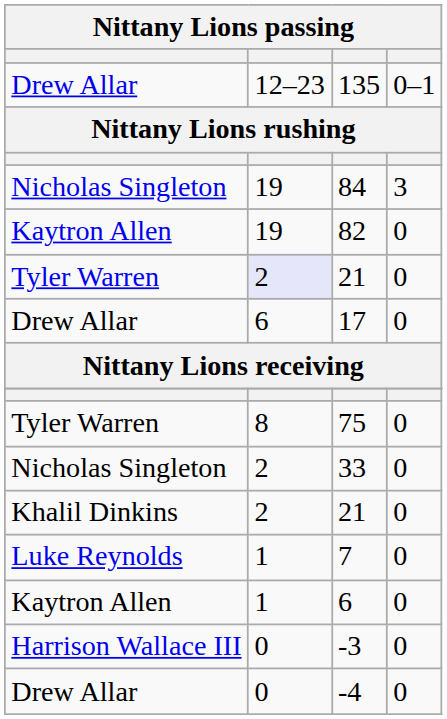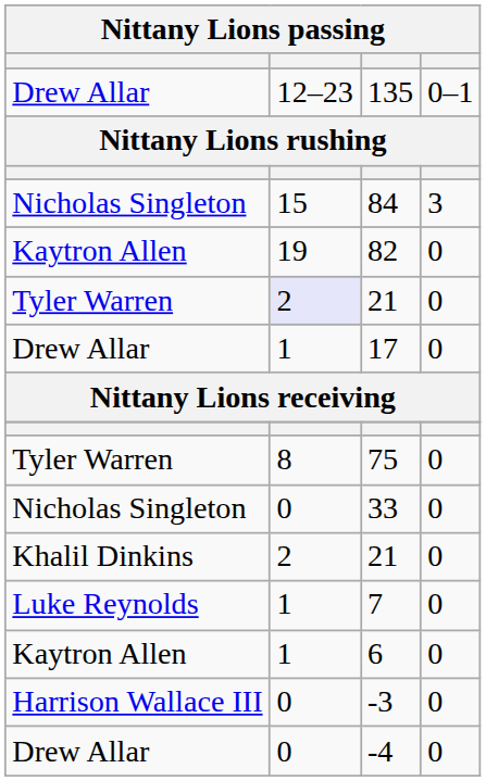 <table class="wikitable plainrowheaders">
 <tr>
 <th colspan="6">Nittany Lions passing</th>
 </tr>
 <tr>
 <th scope="col"></th>
 <th scope="col"></th>
 <th scope="col"></th>
 <th scope="col"></th>
 </tr>
 <tr>
 <td><a href='#'>Drew Allar</a></td>
 <td>12–23</td>
 <td>135</td>
 <td>0–1</td>
 </tr>
 <tr>
 <th colspan="6">Nittany Lions rushing</th>
 </tr>
 <tr>
 <th scope="col"></th>
 <th scope="col"></th>
 <th scope="col"></th>
 <th scope="col"></th>
 </tr>
 <tr>
 <td><a href='#'>Nicholas Singleton</a></td>
-<td>19</td>
+<td>15</td>
 <td>84</td>
 <td>3</td>
 </tr>
 <tr>
 <td><a href='#'>Kaytron Allen</a></td>
 <td>19</td>
 <td>82</td>
 <td>0</td>
 </tr>
 <tr>
 <td><a href='#'>Tyler Warren</a></td>
 <td style="background: lavender;">2</td>
 <td>21</td>
 <td>0</td>
 </tr>
 <tr>
 <td>Drew Allar</td>
-<td>6</td>
+<td>1</td>
 <td>17</td>
 <td>0</td>
 </tr>
 <tr>
 <th colspan="6">Nittany Lions receiving</th>
 </tr>
 <tr>
 </tr>
 <tr>
 <th scope="col"></th>
 <th scope="col"></th>
 <th scope="col"></th>
 <th scope="col"></th>
 </tr>
 <tr>
 <td>Tyler Warren</td>
 <td>8</td>
 <td>75</td>
 <td>0</td>
 </tr>
 <tr>
 <td>Nicholas Singleton</td>
-<td>2</td>
+<td>0</td>
 <td>33</td>
 <td>0</td>
 </tr>
 <tr>
 <td>Khalil Dinkins</td>
 <td>2</td>
 <td>21</td>
 <td>0</td>
 </tr>
 <tr>
 <td><a href='#'>Luke Reynolds</a></td>
 <td>1</td>
 <td>7</td>
 <td>0</td>
 </tr>
 <tr>
 <td>Kaytron Allen</td>
 <td>1</td>
 <td>6</td>
 <td>0</td>
 </tr>
 <tr>
 <td><a href='#'>Harrison Wallace III</a></td>
 <td>0</td>
 <td>-3</td>
 <td>0</td>
 </tr>
 <tr>
 <td>Drew Allar</td>
 <td>0</td>
 <td>-4</td>
 <td>0</td>
 </tr>
 </table>
